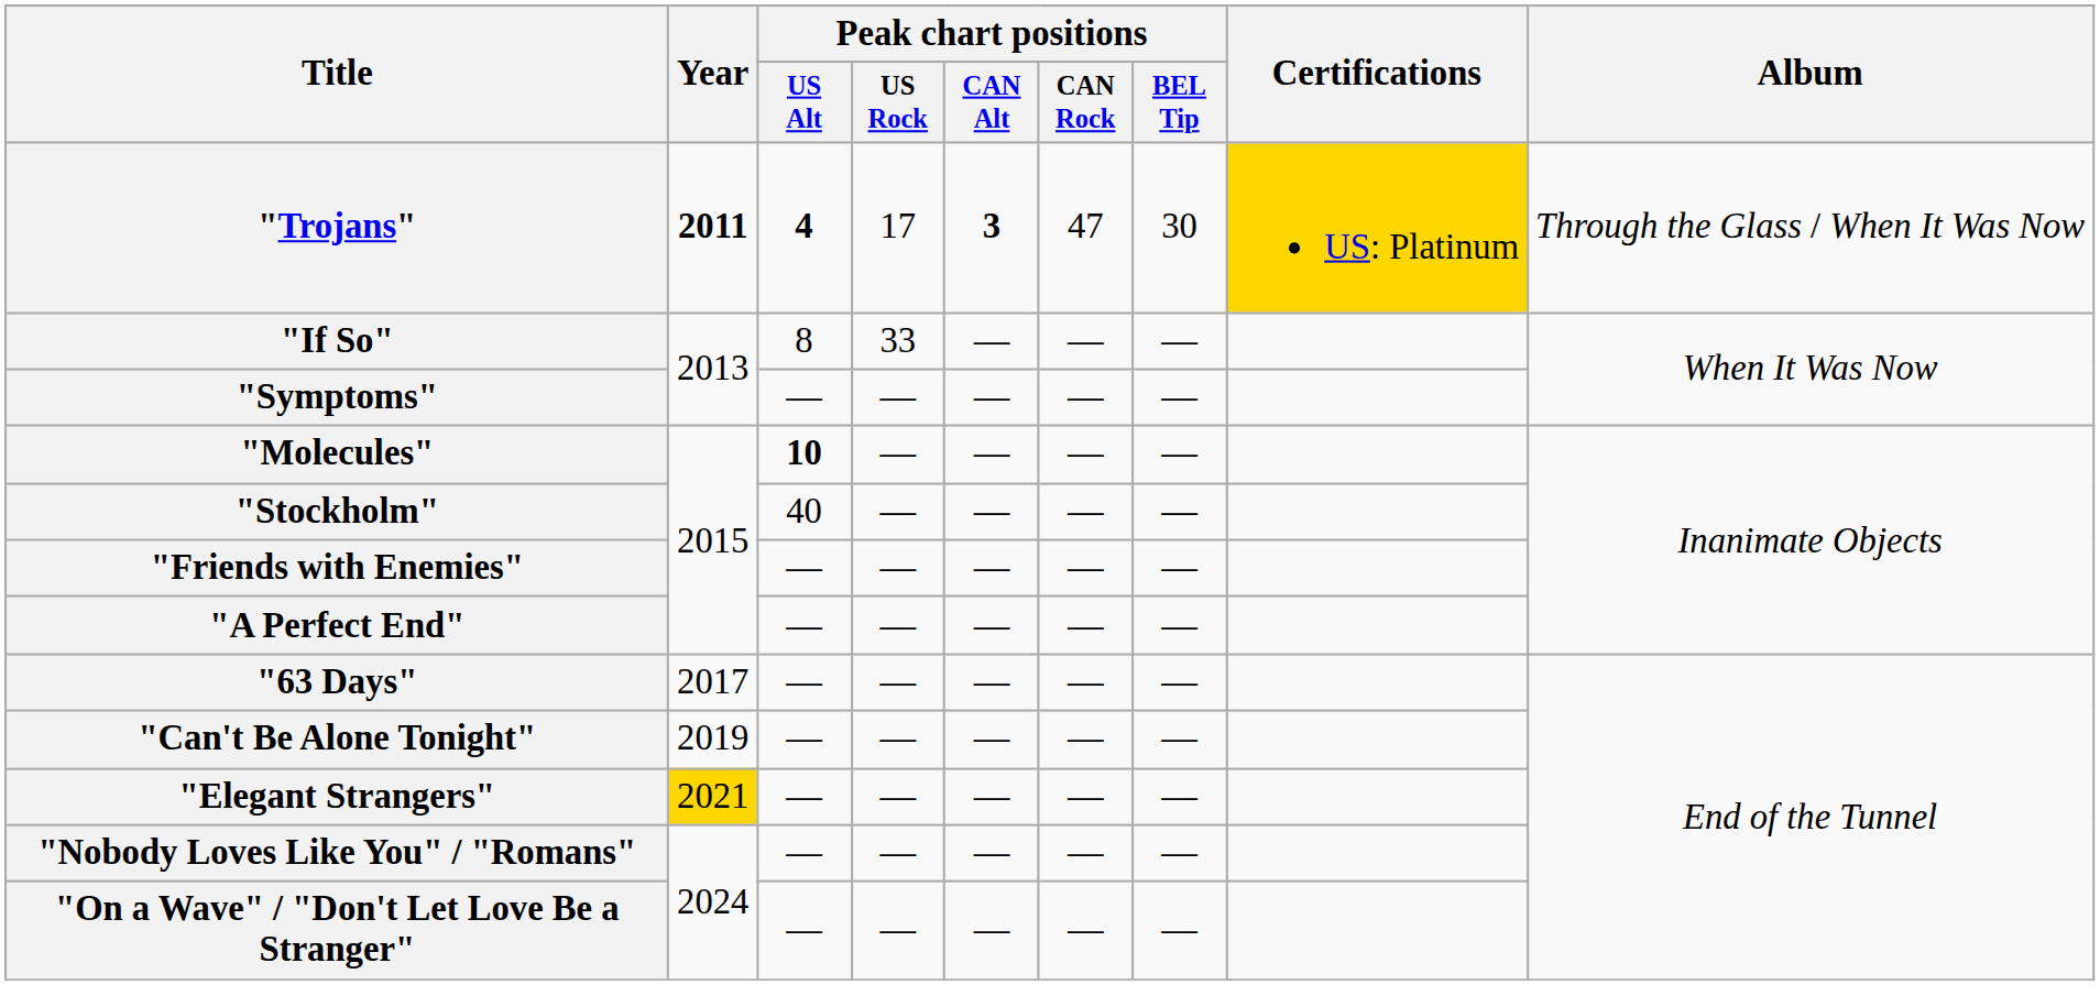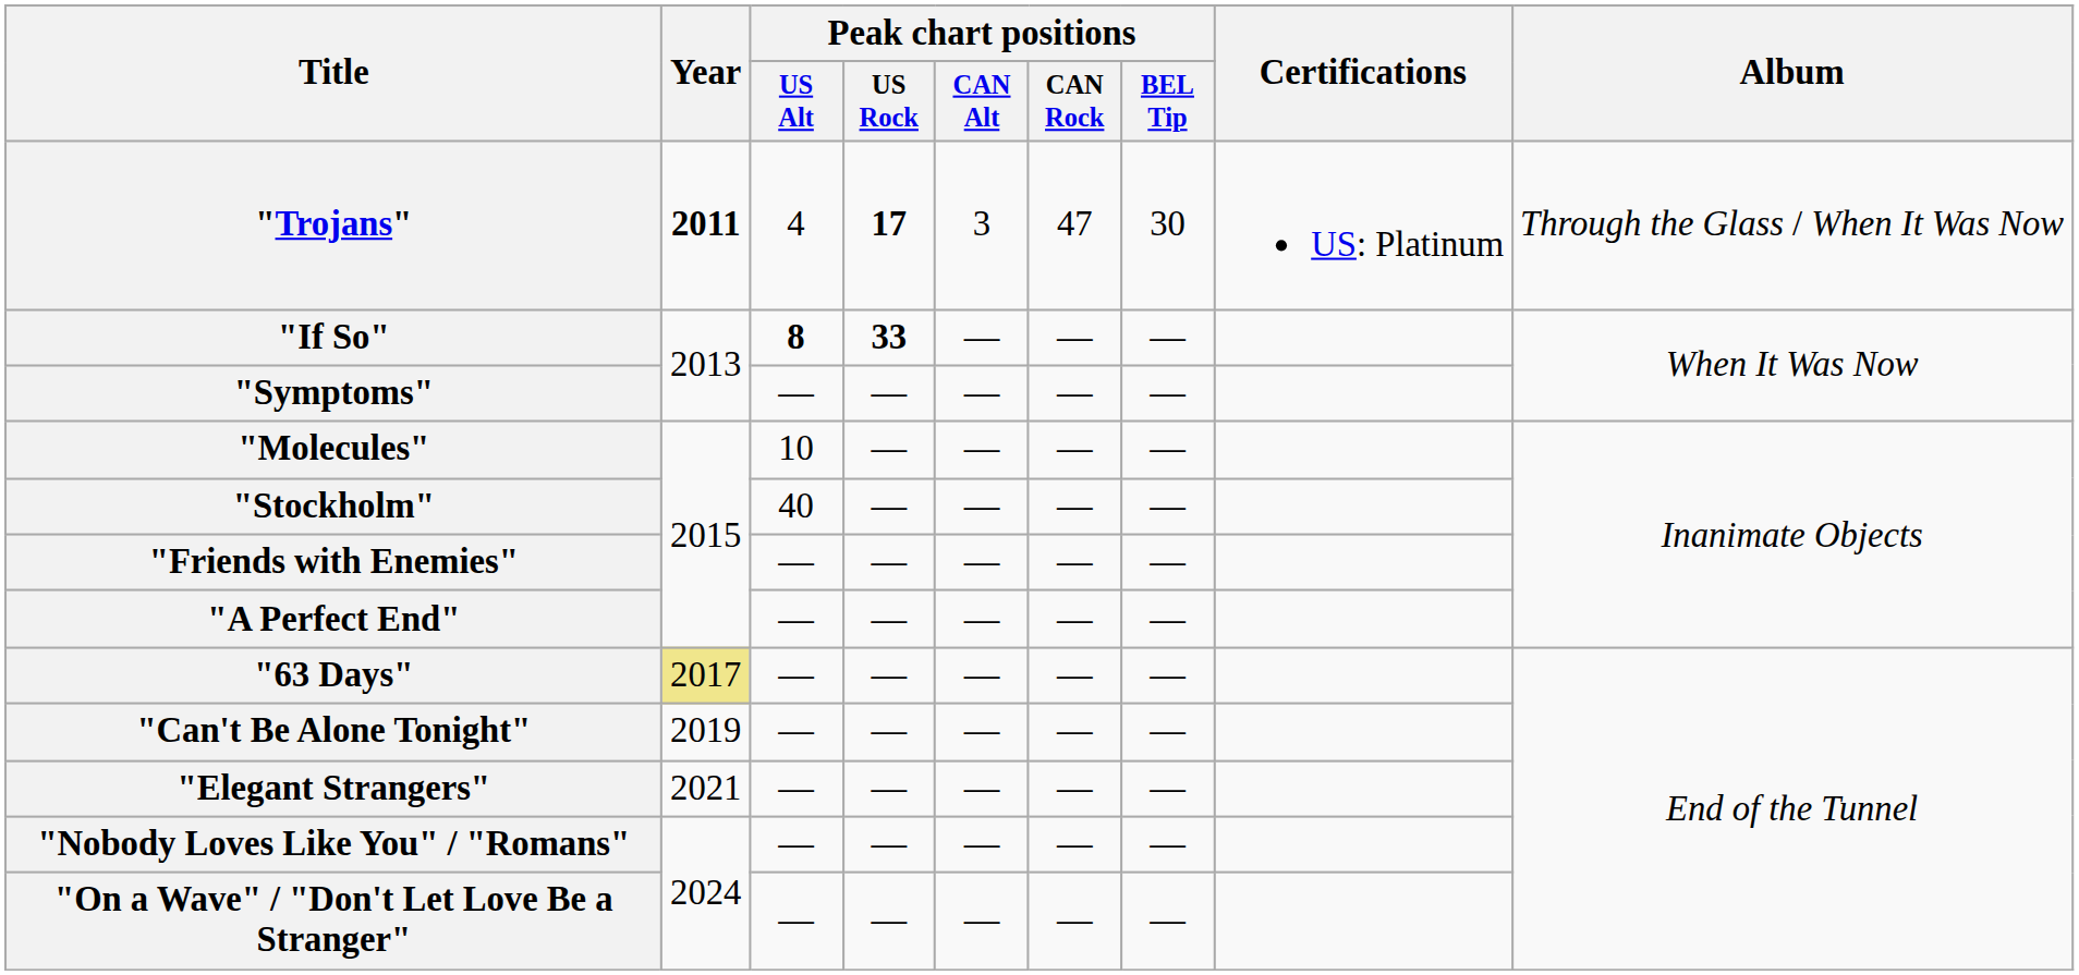 <table class="wikitable plainrowheaders" style="text-align:center;">
 <tr>
 <th scope="col" rowspan="2" style="width:18em;">Title</th>
 <th scope="col" rowspan="2">Year</th>
 <th scope="col" colspan="5">Peak chart positions</th>
 <th scope="col" rowspan="2">Certifications</th>
 <th scope="col" rowspan="2">Album</th>
 </tr>
 <tr style="font-size:smaller;">
 <th scope="col" style="width:3em;font-size:90%;"><a href='#'>US</a><br><a href='#'>Alt</a><br></th>
 <th scope="col" style="width:3em;font-size:90%;">US<br><a href='#'>Rock</a><br></th>
 <th scope="col" style="width:3em;font-size:90%;"><a href='#'>CAN</a><br><a href='#'>Alt</a><br></th>
 <th scope="col" style="width:3em;font-size:90%;">CAN<br><a href='#'>Rock</a><br></th>
 <th scope="col" style="width:3em;font-size:90%;"><a href='#'>BEL</a><br><a href='#'>Tip</a><br></th>
 </tr>
 <tr>
 <th scope="row">"<a href='#'>Trojans</a>"</th>
 <td><strong>2011</strong></td>
-<td><strong>4</strong></td>
-<td>17</td>
-<td><strong>3</strong></td>
+<td>4</td>
+<td><strong>17</strong></td>
+<td>3</td>
 <td>47</td>
 <td>30</td>
-<td style="background: gold;"><br><ul><li><a href='#'>US</a>: Platinum</li></ul></td>
+<td><br><ul><li><a href='#'>US</a>: Platinum</li></ul></td>
 <td align="left"><em>Through the Glass</em> / <em>When It Was Now</em></td>
 </tr>
 <tr>
 <th scope="row">"If So"</th>
 <td rowspan="2">2013</td>
-<td>8</td>
-<td>33</td>
+<td><strong>8</strong></td>
+<td><strong>33</strong></td>
 <td>—</td>
 <td>—</td>
 <td>—</td>
 <td></td>
 <td rowspan="2"><em>When It Was Now</em></td>
 </tr>
 <tr>
 <th scope="row">"Symptoms"</th>
 <td>—</td>
 <td>—</td>
 <td>—</td>
 <td>—</td>
 <td>—</td>
 <td></td>
 </tr>
 <tr>
 <th scope="row">"Molecules"</th>
 <td rowspan="4">2015</td>
-<td><strong>10</strong></td>
+<td>10</td>
 <td>—</td>
 <td>—</td>
 <td>—</td>
 <td>—</td>
 <td></td>
 <td rowspan="4"><em>Inanimate Objects</em></td>
 </tr>
 <tr>
 <th scope="row">"Stockholm"</th>
 <td>40</td>
 <td>—</td>
 <td>—</td>
 <td>—</td>
 <td>—</td>
 <td></td>
 </tr>
 <tr>
 <th scope="row">"Friends with Enemies"</th>
 <td>—</td>
 <td>—</td>
 <td>—</td>
 <td>—</td>
 <td>—</td>
 <td></td>
 </tr>
 <tr>
 <th scope="row">"A Perfect End"</th>
 <td>—</td>
 <td>—</td>
 <td>—</td>
 <td>—</td>
 <td>—</td>
 <td></td>
 </tr>
 <tr>
 <th scope="row">"63 Days"</th>
-<td>2017</td>
+<td style="background: khaki;">2017</td>
 <td>—</td>
 <td>—</td>
 <td>—</td>
 <td>—</td>
 <td>—</td>
 <td></td>
 <td rowspan="5"><em>End of the Tunnel</em></td>
 </tr>
 <tr>
 <th scope="row">"Can't Be Alone Tonight"</th>
 <td>2019</td>
 <td>—</td>
 <td>—</td>
 <td>—</td>
 <td>—</td>
 <td>—</td>
 <td></td>
 </tr>
 <tr>
 <th scope="row">"Elegant Strangers"</th>
-<td style="background: gold;">2021</td>
+<td>2021</td>
 <td>—</td>
 <td>—</td>
 <td>—</td>
 <td>—</td>
 <td>—</td>
 <td></td>
 </tr>
 <tr>
 <th scope="row">"Nobody Loves Like You" / "Romans"</th>
 <td rowspan="2">2024</td>
 <td>—</td>
 <td>—</td>
 <td>—</td>
 <td>—</td>
 <td>—</td>
 <td></td>
 </tr>
 <tr>
 <th scope="row">"On a Wave" / "Don't Let Love Be a Stranger"</th>
 <td>—</td>
 <td>—</td>
 <td>—</td>
 <td>—</td>
 <td>—</td>
 <td></td>
 </tr>
 </table>
